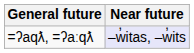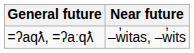 <table class="wikitable">
 <tr>
 <th>General future</th>
 <th>Near future</th>
 </tr>
 <tr>
 <td>=ʔaqƛ, =ʔaːqƛ</td>
-<td style="background: lavender;">–w̓itas, –w̓its</td>
+<td>–w̓itas, –w̓its</td>
 </tr>
 </table>
